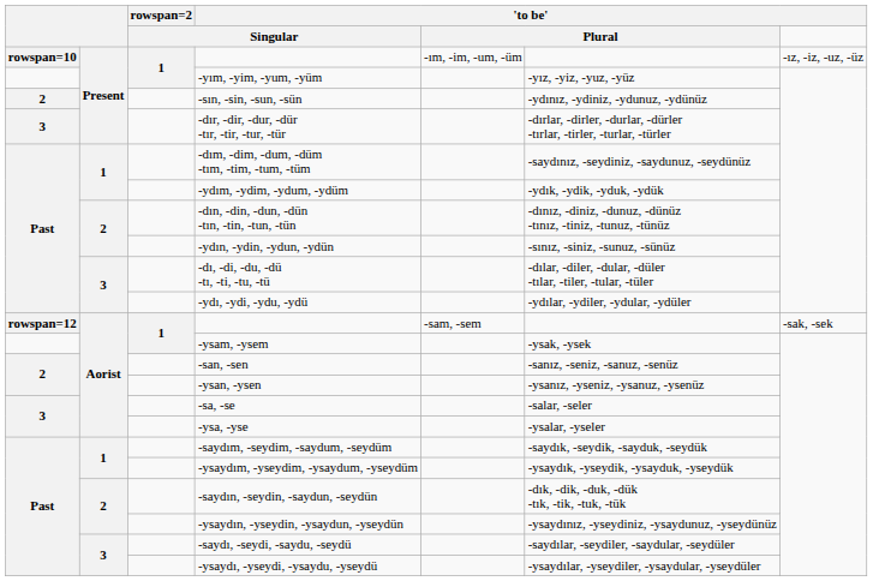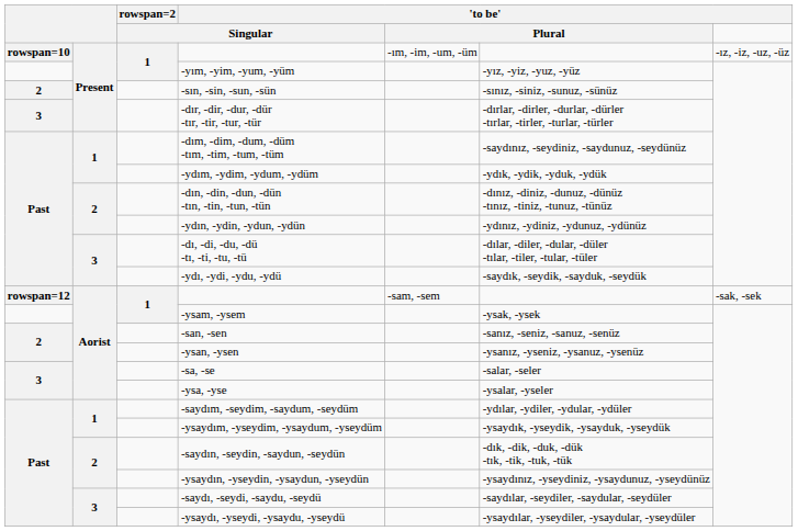 <table class="wikitable">
 <tr>
 <th rowspan=2 colspan=2></th>
 <th>rowspan=2 </th>
 <th colspan=4>'to be'</th>
 </tr>
 <tr>
 <th colspan=2>Singular</th>
 <th colspan=2>Plural</th>
 </tr>
 <tr>
 <th>rowspan=10 </th>
 <th rowspan=4>Present</th>
 <th rowspan=2>1</th>
 <td></td>
 <td>-ım, -im, -um, -üm</td>
 <td></td>
 <td>-ız, -iz, -uz, -üz</td>
 </tr>
 <tr>
 <td></td>
 <td>-yım, -yim, -yum, -yüm</td>
 <td></td>
 <td>-yız, -yiz, -yuz, -yüz</td>
 </tr>
 <tr>
 <th>2</th>
 <td></td>
 <td>-sın, -sin, -sun, -sün</td>
 <td></td>
-<td>-ydınız, -ydiniz, -ydunuz, -ydünüz</td>
+<td>-sınız, -siniz, -sunuz, -sünüz</td>
 </tr>
 <tr>
 <th>3</th>
 <td></td>
 <td>-dır, -dir, -dur, -dür<br>-tır, -tir, -tur, -tür</td>
 <td></td>
 <td>-dırlar, -dirler, -durlar, -dürler<br>-tırlar, -tirler, -turlar, -türler</td>
 </tr>
 <tr>
 <th rowspan=6>Past</th>
 <th rowspan=2>1</th>
 <td></td>
 <td>-dım, -dim, -dum, -düm<br>-tım, -tim, -tum, -tüm</td>
 <td></td>
 <td>-saydınız, -seydiniz, -saydunuz, -seydünüz</td>
 </tr>
 <tr>
 <td></td>
 <td>-ydım, -ydim, -ydum, -ydüm</td>
 <td></td>
 <td>-ydık, -ydik, -yduk, -ydük</td>
 </tr>
 <tr>
 <th rowspan=2>2</th>
 <td></td>
 <td>-dın, -din, -dun, -dün<br>-tın, -tin, -tun, -tün</td>
 <td></td>
 <td>-dınız, -diniz, -dunuz, -dünüz<br>-tınız, -tiniz, -tunuz, -tünüz</td>
 </tr>
 <tr>
 <td></td>
 <td>-ydın, -ydin, -ydun, -ydün</td>
 <td></td>
-<td>-sınız, -siniz, -sunuz, -sünüz</td>
+<td>-ydınız, -ydiniz, -ydunuz, -ydünüz</td>
 </tr>
 <tr>
 <th rowspan=2>3</th>
 <td></td>
 <td>-dı, -di, -du, -dü<br>-tı, -ti, -tu, -tü</td>
 <td></td>
 <td>-dılar, -diler, -dular, -düler<br>-tılar, -tiler, -tular, -tüler</td>
 </tr>
 <tr>
 <td></td>
 <td>-ydı, -ydi, -ydu, -ydü</td>
 <td></td>
-<td>-ydılar, -ydiler, -ydular, -ydüler</td>
+<td>-saydık, -seydik, -sayduk, -seydük</td>
 </tr>
 <tr>
 <th>rowspan=12 </th>
 <th rowspan=6>Aorist</th>
 <th rowspan=2>1</th>
 <td></td>
 <td>-sam, -sem</td>
 <td></td>
 <td>-sak, -sek</td>
 </tr>
 <tr>
 <td></td>
 <td>-ysam, -ysem</td>
 <td></td>
 <td>-ysak, -ysek</td>
 </tr>
 <tr>
 <th rowspan=2>2</th>
 <td></td>
 <td>-san, -sen</td>
 <td></td>
 <td>-sanız, -seniz, -sanuz, -senüz</td>
 </tr>
 <tr>
 <td></td>
 <td>-ysan, -ysen</td>
 <td></td>
 <td>-ysanız, -yseniz, -ysanuz, -ysenüz</td>
 </tr>
 <tr>
 <th rowspan=2>3</th>
 <td></td>
 <td>-sa, -se</td>
 <td></td>
 <td>-salar, -seler</td>
 </tr>
 <tr>
 <td></td>
 <td>-ysa, -yse</td>
 <td></td>
 <td>-ysalar, -yseler</td>
 </tr>
 <tr>
 <th rowspan=6>Past</th>
 <th rowspan=2>1</th>
 <td></td>
 <td>-saydım, -seydim, -saydum, -seydüm</td>
 <td></td>
-<td>-saydık, -seydik, -sayduk, -seydük</td>
+<td>-ydılar, -ydiler, -ydular, -ydüler</td>
 </tr>
 <tr>
 <td></td>
 <td>-ysaydım, -yseydim, -ysaydum, -yseydüm</td>
 <td></td>
 <td>-ysaydık, -yseydik, -ysayduk, -yseydük</td>
 </tr>
 <tr>
 <th rowspan=2>2</th>
 <td></td>
 <td>-saydın, -seydin, -saydun, -seydün</td>
 <td></td>
 <td>-dık, -dik, -duk, -dük<br>-tık, -tik, -tuk, -tük</td>
 </tr>
 <tr>
 <td></td>
 <td>-ysaydın, -yseydin, -ysaydun, -yseydün</td>
 <td></td>
 <td>-ysaydınız, -yseydiniz, -ysaydunuz, -yseydünüz</td>
 </tr>
 <tr>
 <th rowspan=2>3</th>
 <td></td>
 <td>-saydı, -seydi, -saydu, -seydü</td>
 <td></td>
 <td>-saydılar, -seydiler, -saydular, -seydüler</td>
 </tr>
 <tr>
 <td></td>
 <td>-ysaydı, -yseydi, -ysaydu, -yseydü</td>
 <td></td>
 <td>-ysaydılar, -yseydiler, -ysaydular, -yseydüler</td>
 </tr>
 </table>
